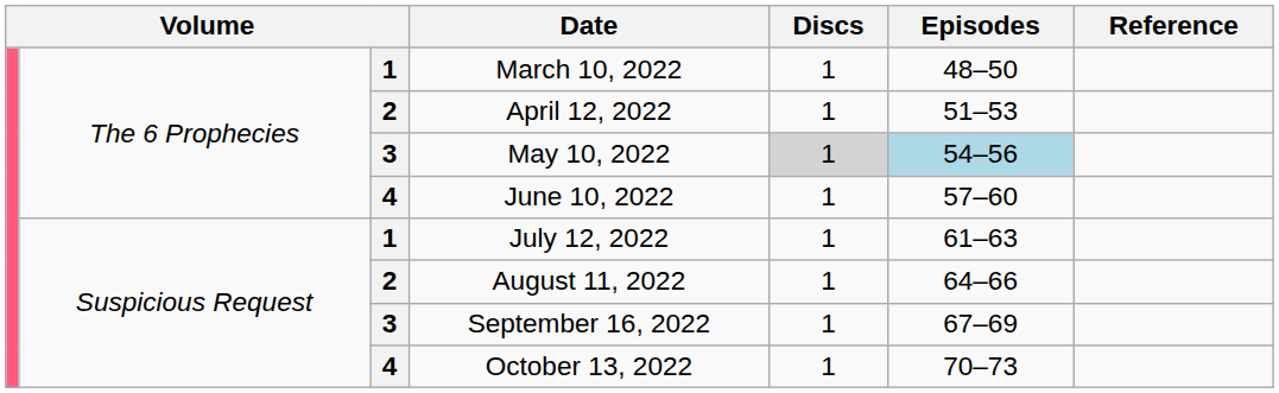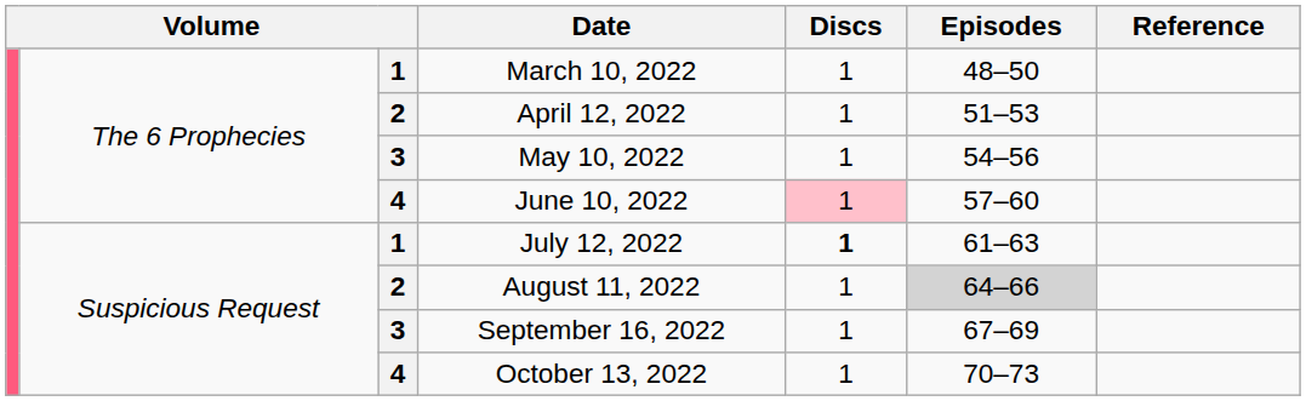 <table class="wikitable" style="text-align: center; width: 60%;">
 <tr>
 <th colspan="3" scope="col" 175px;>Volume</th>
 <th scope="col" 125px;>Date</th>
 <th scope="col">Discs</th>
 <th scope="col">Episodes</th>
 <th scope="col">Reference</th>
 </tr>
 <tr>
 <td rowspan="8" width="1%" style="background: #FF5A7E;"></td>
 <td rowspan="4"><em>The 6 Prophecies</em></td>
 <th scope="row">1</th>
 <td>March 10, 2022</td>
 <td>1</td>
 <td>48–50</td>
 <td></td>
 </tr>
 <tr>
 <th scope="row">2</th>
 <td>April 12, 2022</td>
 <td>1</td>
 <td>51–53</td>
 <td></td>
 </tr>
 <tr>
 <th scope="row">3</th>
 <td>May 10, 2022</td>
-<td style="background: lightgrey;">1</td>
-<td style="background: lightblue;">54–56</td>
+<td>1</td>
+<td>54–56</td>
 <td></td>
 </tr>
 <tr>
 <th scope="row">4</th>
 <td>June 10, 2022</td>
-<td>1</td>
+<td style="background: pink;">1</td>
 <td>57–60</td>
 <td></td>
 </tr>
 <tr>
 <td rowspan="4"><em>Suspicious Request</em></td>
 <th scope="row">1</th>
 <td>July 12, 2022</td>
-<td>1</td>
+<td><strong>1</strong></td>
 <td>61–63</td>
 <td></td>
 </tr>
 <tr>
 <th scope="row">2</th>
 <td>August 11, 2022</td>
 <td>1</td>
-<td>64–66</td>
+<td style="background: lightgrey;">64–66</td>
 <td></td>
 </tr>
 <tr>
 <th scope="row">3</th>
 <td>September 16, 2022</td>
 <td>1</td>
 <td>67–69</td>
 <td></td>
 </tr>
 <tr>
 <th scope="row">4</th>
 <td>October 13, 2022</td>
 <td>1</td>
 <td>70–73</td>
 <td></td>
 </tr>
 </table>
